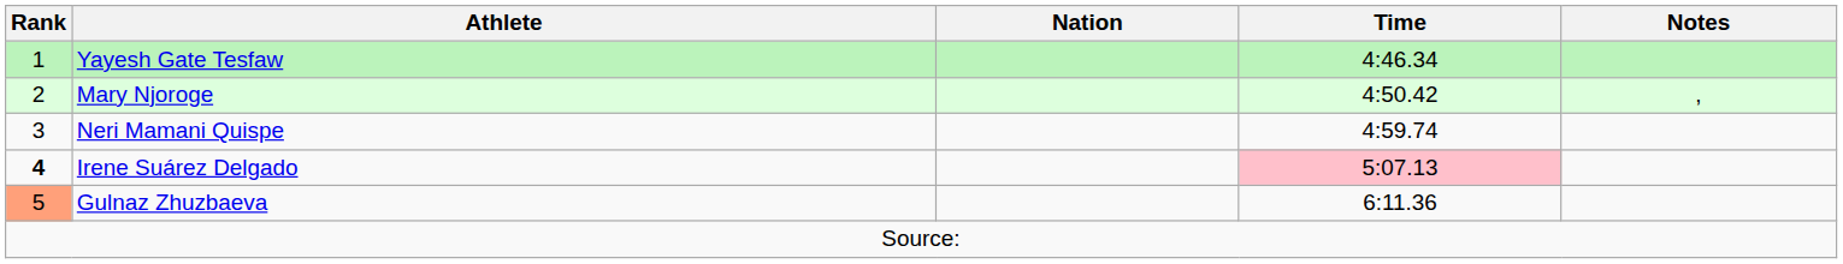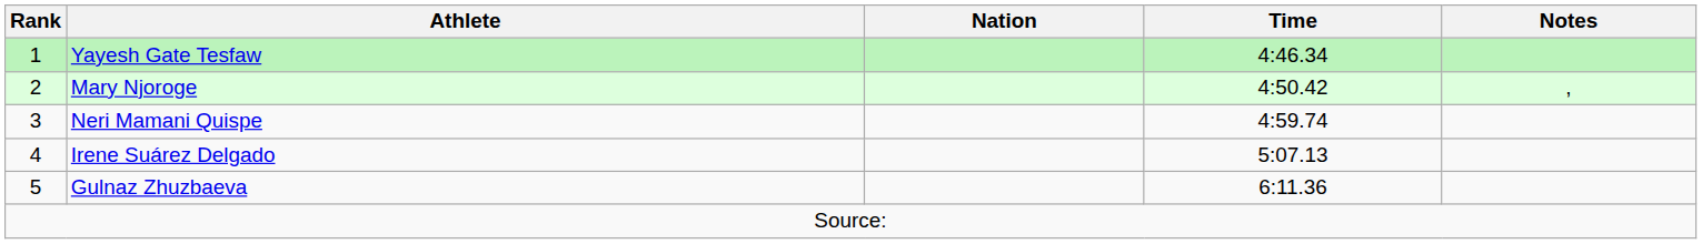 <table class="wikitable sortable" style="text-align:center;width: 65%;">
 <tr>
 <th scope="col" style="width: 10px;">Rank</th>
 <th scope="col">Athlete</th>
 <th scope="col">Nation</th>
 <th scope="col">Time</th>
 <th scope="col">Notes</th>
 </tr>
 <tr bgcolor=bbf3bb>
 <td>1</td>
 <td align=left><a href='#'>Yayesh Gate Tesfaw</a><br></td>
 <td align=left></td>
 <td>4:46.34</td>
 <td></td>
 </tr>
 <tr bgcolor=ddffdd>
 <td>2</td>
 <td align=left><a href='#'>Mary Njoroge</a><br></td>
 <td align=left></td>
 <td>4:50.42</td>
 <td>, </td>
 </tr>
 <tr>
 <td>3</td>
 <td align=left><a href='#'>Neri Mamani Quispe</a><br></td>
 <td align=left></td>
 <td>4:59.74</td>
 <td></td>
 </tr>
 <tr>
-<td><strong>4</strong></td>
+<td>4</td>
 <td align=left><a href='#'>Irene Suárez Delgado</a><br></td>
 <td align=left></td>
-<td style="background: pink;">5:07.13</td>
+<td>5:07.13</td>
 <td></td>
 </tr>
 <tr>
-<td style="background: lightsalmon;">5</td>
+<td>5</td>
 <td align=left><a href='#'>Gulnaz Zhuzbaeva</a><br></td>
 <td align=left></td>
 <td>6:11.36</td>
 <td></td>
 </tr>
 <tr class="sortbottom">
 <td colspan="5">Source:</td>
 </tr>
 </table>
